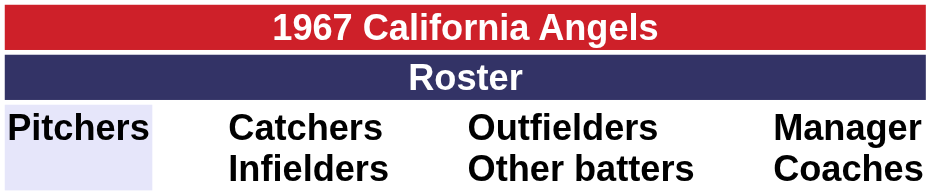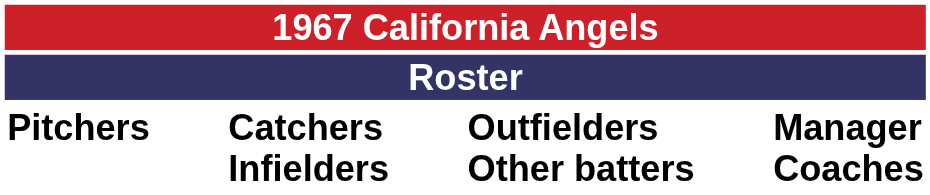 <table class="toccolours" style="font-size: 95%;">
 <tr>
 <th colspan="10" style="background-color: #CE2029; color: white; text-align: center;">1967 California Angels</th>
 </tr>
 <tr>
 <td colspan="10" style="background-color: #333366; color: white; text-align: center;"><strong>Roster</strong></td>
 </tr>
 <tr>
-<td valign="top" style="background: lavender;"><strong>Pitchers</strong><br>                  </td>
+<td valign="top"><strong>Pitchers</strong><br>                  </td>
 <td width="25px"></td>
 <td valign="top"><strong>Catchers</strong><br>     <strong>Infielders</strong>          </td>
 <td width="25px"></td>
 <td valign="top"><strong>Outfielders</strong><br>        <strong>Other batters</strong>  </td>
 <td width="25px"></td>
 <td valign="top"><strong>Manager</strong><br> <strong>Coaches</strong>    </td>
 </tr>
 <tr>
 </tr>
 </table>
